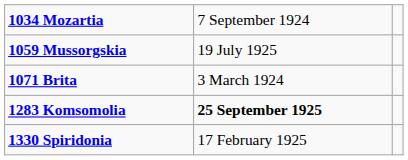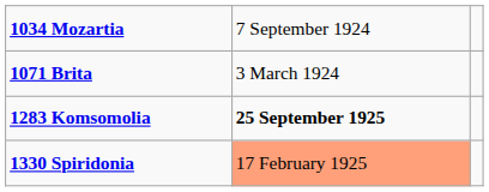 <table class="wikitable" style="font-size: 89%; float: left; width: 26em; margin-right: 1em; height: 140px;">
 <tr>
 <td><strong><a href='#'>1034 Mozartia</a></strong></td>
 <td>7 September 1924</td>
-<td></td>
-</tr>
-<tr>
-<td><strong><a href='#'>1059 Mussorgskia</a></strong></td>
-<td>19 July 1925</td>
 <td></td>
 </tr>
 <tr>
 <td><strong><a href='#'>1071 Brita</a></strong></td>
 <td>3 March 1924</td>
 <td></td>
 </tr>
 <tr>
 <td><strong><a href='#'>1283 Komsomolia</a></strong></td>
 <td><strong>25 September 1925</strong></td>
 <td></td>
 </tr>
 <tr>
 <td><strong><a href='#'>1330 Spiridonia</a></strong></td>
-<td>17 February 1925</td>
+<td style="background: lightsalmon;">17 February 1925</td>
 <td></td>
 </tr>
 </table>
